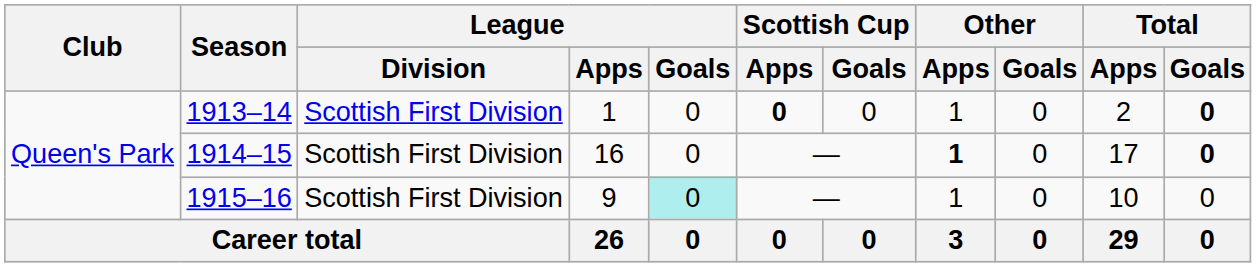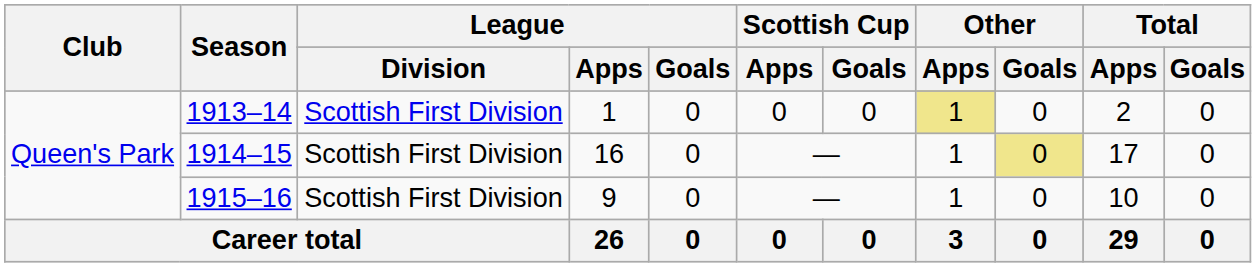 <table class="wikitable" style="text-align: center;">
 <tr>
 <th rowspan="2">Club</th>
 <th rowspan="2">Season</th>
 <th colspan="3">League</th>
 <th colspan="2">Scottish Cup</th>
 <th colspan="2">Other</th>
 <th colspan="2">Total</th>
 </tr>
 <tr>
 <th>Division</th>
 <th>Apps</th>
 <th>Goals</th>
 <th>Apps</th>
 <th>Goals</th>
 <th>Apps</th>
 <th>Goals</th>
 <th>Apps</th>
 <th>Goals</th>
 </tr>
 <tr>
 <td rowspan="3"><a href='#'>Queen's Park</a></td>
 <td><a href='#'>1913–14</a></td>
 <td><a href='#'>Scottish First Division</a></td>
 <td>1</td>
 <td>0</td>
-<td><strong>0</strong></td>
 <td>0</td>
-<td>1</td>
+<td>0</td>
+<td style="background: khaki;">1</td>
 <td>0</td>
 <td>2</td>
-<td><strong>0</strong></td>
+<td>0</td>
 </tr>
 <tr>
 <td><a href='#'>1914–15</a></td>
 <td>Scottish First Division</td>
 <td>16</td>
 <td>0</td>
 <td colspan="2">—</td>
-<td><strong>1</strong></td>
+<td>1</td>
+<td style="background: khaki;">0</td>
+<td>17</td>
 <td>0</td>
-<td>17</td>
-<td><strong>0</strong></td>
 </tr>
 <tr>
 <td><a href='#'>1915–16</a></td>
 <td>Scottish First Division</td>
 <td>9</td>
-<td style="background: paleturquoise;">0</td>
+<td>0</td>
 <td colspan="2">—</td>
 <td>1</td>
 <td>0</td>
 <td>10</td>
 <td>0</td>
 </tr>
 <tr>
 <th colspan="3">Career total</th>
 <th>26</th>
 <th>0</th>
 <th>0</th>
 <th>0</th>
 <th>3</th>
 <th>0</th>
 <th>29</th>
 <th>0</th>
 </tr>
 </table>
